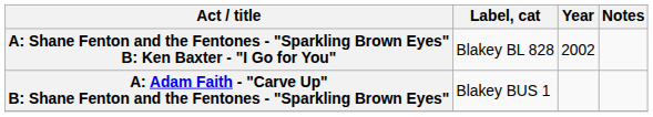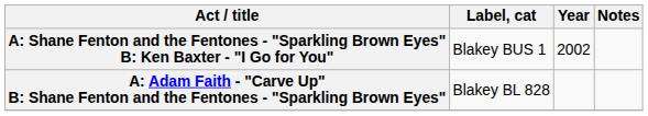 <table class="wikitable plainrowheaders sortable">
 <tr>
 <th scope="col">Act / title</th>
 <th scope="col">Label, cat</th>
 <th scope="col">Year</th>
 <th scope="col" class="unsortable">Notes</th>
 </tr>
 <tr>
 <th scope="row"><strong>A</strong>: Shane Fenton and the Fentones - "Sparkling Brown Eyes"<br><strong>B</strong>: Ken Baxter - "I Go for You"</th>
-<td>Blakey BL 828</td>
+<td>Blakey BUS 1</td>
 <td>2002</td>
 <td></td>
 </tr>
 <tr>
 <th scope="row"><strong>A</strong>: <a href='#'>Adam Faith</a> - "Carve Up"<br><strong>B</strong>: Shane Fenton and the Fentones - "Sparkling Brown Eyes"</th>
-<td>Blakey BUS 1</td>
+<td>Blakey BL 828</td>
 <td></td>
 <td></td>
 </tr>
 <tr>
 </tr>
 </table>
